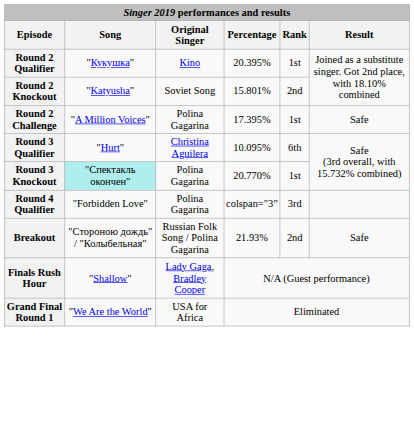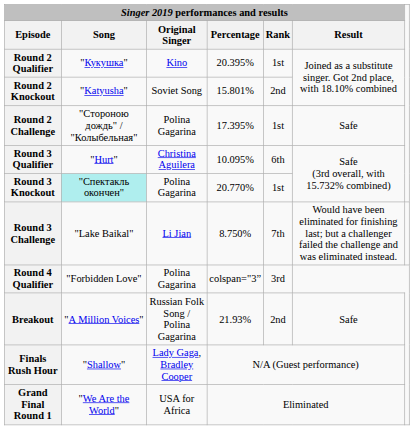 <table class="wikitable collapsible collapsed" style="width:100%; margin:1em auto 1em auto; text-align:center;">
 <tr>
 <th colspan="6" style="background:#BFBFBF;"><em>Singer 2019</em> performances and results</th>
 </tr>
 <tr>
 <th scope="col">Episode</th>
 <th scope="col">Song</th>
 <th scope="col">Original Singer</th>
 <th scope="col">Percentage</th>
 <th scope="col">Rank</th>
 <th scope="col">Result</th>
 </tr>
 <tr>
 <th>Round 2 Qualifier</th>
 <td>"<a href='#'>Кукушка</a>"</td>
 <td><a href='#'>Kino</a></td>
 <td>20.395%</td>
 <td>1st</td>
 <td rowspan="2">Joined as a substitute singer. Got 2nd place, with 18.10% combined</td>
 </tr>
 <tr>
 <th>Round 2 Knockout</th>
 <td>"<a href='#'>Katyusha</a>"</td>
 <td>Soviet Song</td>
 <td>15.801%</td>
 <td>2nd</td>
 </tr>
 <tr>
 <th>Round 2 Challenge</th>
-<td>"<a href='#'>A Million Voices</a>"</td>
+<td>"Cтороною дождь" / "Колыбельная"</td>
 <td>Polina Gagarina</td>
 <td>17.395%</td>
 <td>1st</td>
 <td>Safe</td>
 </tr>
 <tr>
 <th>Round 3 Qualifier</th>
 <td>"<a href='#'>Hurt</a>"</td>
 <td><a href='#'>Christina Aguilera</a></td>
 <td>10.095%</td>
 <td>6th</td>
 <td rowspan=2>Safe<br>(3rd overall, with 15.732% combined)</td>
 </tr>
 <tr>
 <th>Round 3 Knockout</th>
 <td style="background: paleturquoise;">"Спектакль окончен"</td>
 <td>Polina Gagarina</td>
 <td>20.770%</td>
 <td>1st</td>
 </tr>
 <tr>
+<th>Round 3 Challenge</th>
+<td>"Lake Baikal"</td>
+<td><a href='#'>Li Jian</a></td>
+<td>8.750%</td>
+<td>7th</td>
+<td>Would have been eliminated for finishing last; but a challenger failed the challenge and was eliminated instead.</td>
+<td></td>
+</tr>
+<tr>
 <th>Round 4 Qualifier</th>
 <td>"Forbidden Love"</td>
 <td>Polina Gagarina</td>
 <td>colspan="3”</td>
 <td>3rd</td>
 </tr>
 <tr>
 <th>Breakout</th>
-<td>"Cтороною дождь" / "Колыбельная"</td>
+<td>"<a href='#'>A Million Voices</a>"</td>
 <td>Russian Folk Song / Polina Gagarina</td>
 <td>21.93%</td>
 <td>2nd</td>
 <td>Safe</td>
 </tr>
 <tr>
 <th>Finals Rush Hour</th>
 <td>"<a href='#'>Shallow</a>"</td>
 <td><a href='#'>Lady Gaga</a>, <a href='#'>Bradley Cooper</a></td>
 <td colspan="3">N/A (Guest performance)</td>
 </tr>
 <tr>
 <th>Grand Final Round 1</th>
 <td>"<a href='#'>We Are the World</a>"</td>
 <td>USA for Africa</td>
 <td colspan="3">Eliminated</td>
 </tr>
 </table>
